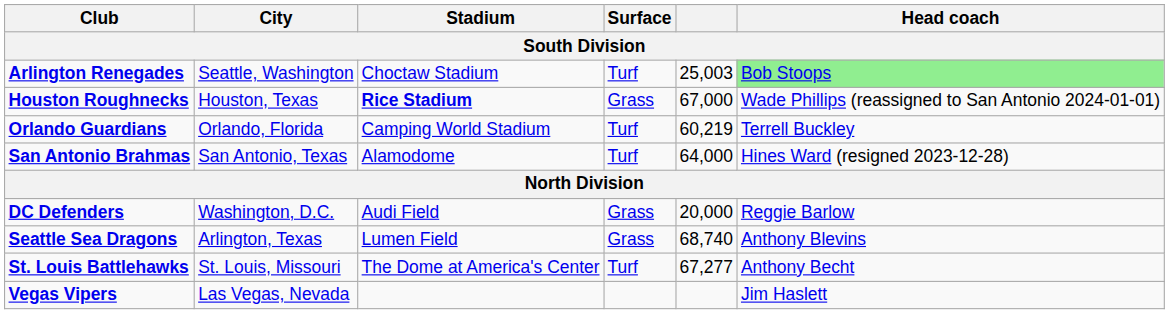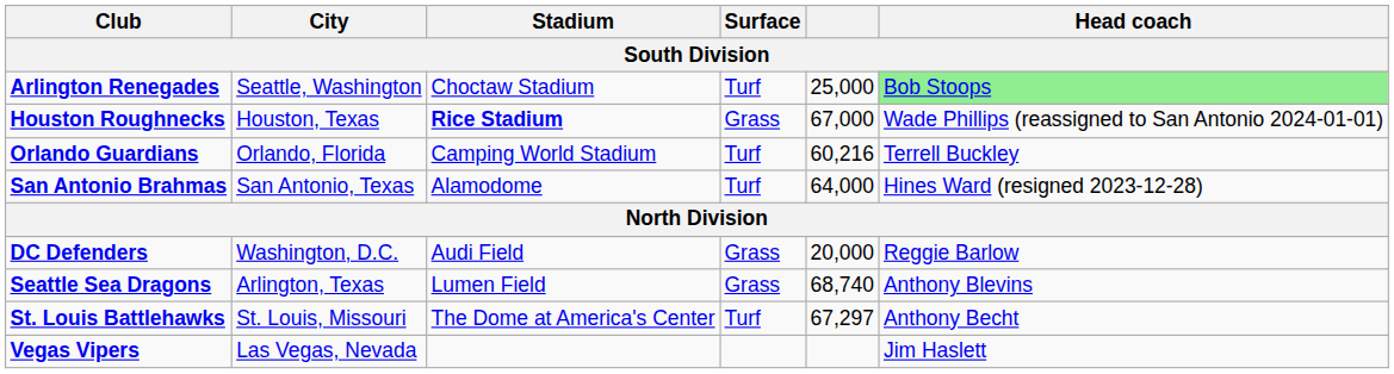 <table class="plainrowheaders wikitable">
 <tr>
 <th scope="col">Club</th>
 <th scope="col">City</th>
 <th scope="col">Stadium</th>
 <th scope="col">Surface</th>
 <th scope="col"></th>
 <th scope="col">Head coach</th>
 </tr>
 <tr>
 <th colspan="6" style="text-align:center;">South Division</th>
 </tr>
 <tr>
 <td scope="row"><strong><a href='#'>Arlington Renegades</a></strong></td>
 <td><a href='#'>Seattle, Washington</a></td>
 <td><a href='#'>Choctaw Stadium</a></td>
 <td><a href='#'>Turf</a></td>
-<td>25,003</td>
+<td>25,000</td>
 <td style="background: lightgreen;"><a href='#'>Bob Stoops</a></td>
 </tr>
 <tr>
 <td scope="row"><strong><a href='#'>Houston Roughnecks</a></strong></td>
 <td><a href='#'>Houston, Texas</a></td>
 <td><strong><a href='#'>Rice Stadium</a></strong></td>
 <td><a href='#'>Grass</a></td>
 <td>67,000</td>
 <td><a href='#'>Wade Phillips</a>  (reassigned to San Antonio 2024-01-01)</td>
 </tr>
 <tr>
 <td scope="row"><strong><a href='#'>Orlando Guardians</a></strong></td>
 <td><a href='#'>Orlando, Florida</a></td>
 <td><a href='#'>Camping World Stadium</a></td>
 <td><a href='#'>Turf</a></td>
-<td>60,219</td>
+<td>60,216</td>
 <td><a href='#'>Terrell Buckley</a></td>
 </tr>
 <tr>
 <td scope="row"><strong><a href='#'>San Antonio Brahmas</a></strong></td>
 <td><a href='#'>San Antonio, Texas</a></td>
 <td><a href='#'>Alamodome</a></td>
 <td><a href='#'>Turf</a></td>
 <td>64,000</td>
 <td><a href='#'>Hines Ward</a> (resigned 2023-12-28)</td>
 </tr>
 <tr>
 <th colspan="6" style="text-align:center;">North Division</th>
 </tr>
 <tr>
 <td scope="row"><strong><a href='#'>DC Defenders</a></strong></td>
 <td><a href='#'>Washington, D.C.</a></td>
 <td><a href='#'>Audi Field</a></td>
 <td><a href='#'>Grass</a></td>
 <td>20,000</td>
 <td><a href='#'>Reggie Barlow</a></td>
 </tr>
 <tr>
 <td scope="row"><strong><a href='#'>Seattle Sea Dragons</a></strong></td>
 <td><a href='#'>Arlington, Texas</a></td>
 <td><a href='#'>Lumen Field</a></td>
 <td><a href='#'>Grass</a></td>
 <td>68,740</td>
 <td><a href='#'>Anthony Blevins</a></td>
 </tr>
 <tr>
 <td scope="row"><strong><a href='#'>St. Louis Battlehawks</a></strong></td>
 <td><a href='#'>St. Louis, Missouri</a></td>
 <td><a href='#'>The Dome at America's Center</a></td>
 <td><a href='#'>Turf</a></td>
-<td>67,277</td>
+<td>67,297</td>
 <td><a href='#'>Anthony Becht</a></td>
 </tr>
 <tr>
 <td scope="row"><strong><a href='#'>Vegas Vipers</a></strong></td>
 <td><a href='#'>Las Vegas, Nevada</a></td>
 <td></td>
 <td></td>
 <td></td>
 <td><a href='#'>Jim Haslett</a></td>
 </tr>
 </table>
